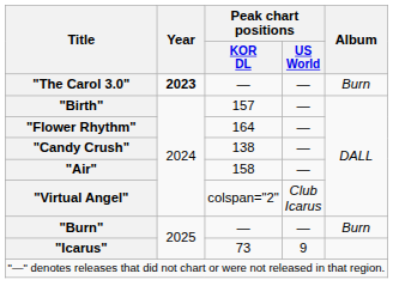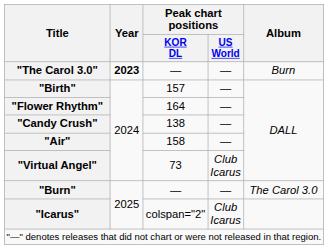 <table class="wikitable plainrowheaders" style="text-align:center">
 <tr>
 <th scope="col" rowspan="2">Title</th>
 <th scope="col" rowspan="2">Year</th>
 <th scope="col" colspan="2">Peak chart positions</th>
 <th scope="col" rowspan="2">Album</th>
 </tr>
 <tr>
 <th scope="col" style="width:2.5em; font-size:90%"><a href='#'>KOR<br>DL</a><br></th>
 <th scope="col" style="width:2.5em; font-size:90%"><a href='#'>US<br>World</a><br></th>
 </tr>
 <tr>
 <th scope="row">"The Carol 3.0"</th>
 <td><strong>2023</strong></td>
 <td>—</td>
 <td>—</td>
 <td><em>Burn</em></td>
 </tr>
 <tr>
 <th scope="row">"Birth"</th>
 <td rowspan="5">2024</td>
 <td>157</td>
 <td>—</td>
 <td rowspan="5"><em>DALL</em></td>
 </tr>
 <tr>
 <th scope="row">"Flower Rhythm"</th>
 <td>164</td>
 <td>—</td>
 </tr>
 <tr>
 <th scope="row">"Candy Crush"</th>
 <td>138</td>
 <td>—</td>
 </tr>
 <tr>
 <th scope="row">"Air"</th>
 <td>158</td>
 <td>—</td>
 </tr>
 <tr>
 <th scope="row">"Virtual Angel"</th>
-<td>colspan="2" </td>
+<td>73</td>
 <td><em>Club Icarus</em></td>
 </tr>
 <tr>
 <th scope="row">"Burn"</th>
 <td rowspan="2">2025</td>
 <td>—</td>
 <td>—</td>
-<td><em>Burn</em></td>
+<td><em>The Carol 3.0</em></td>
 </tr>
 <tr>
 <th scope="row">"Icarus"</th>
-<td>73</td>
-<td>9</td>
+<td>colspan="2" </td>
+<td><em>Club Icarus</em></td>
 </tr>
 <tr>
 <td colspan="5" style="font-size:85%">"—" denotes releases that did not chart or were not released in that region.</td>
 </tr>
 </table>
